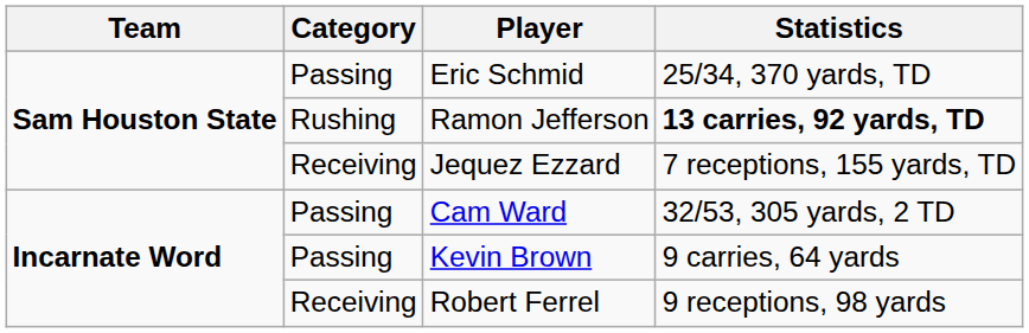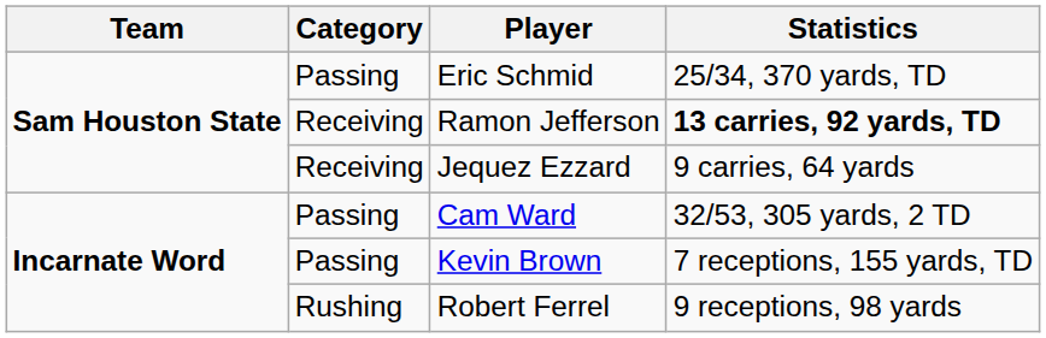 <table class="wikitable" style="float: right;">
 <tr>
 <th>Team</th>
 <th>Category</th>
 <th>Player</th>
 <th>Statistics</th>
 </tr>
 <tr>
 <td rowspan=3><strong>Sam Houston State</strong></td>
 <td>Passing</td>
 <td>Eric Schmid</td>
 <td>25/34, 370 yards, TD</td>
 </tr>
 <tr>
-<td>Rushing</td>
+<td>Receiving</td>
 <td>Ramon Jefferson</td>
 <td><strong>13 carries, 92 yards, TD</strong></td>
 </tr>
 <tr>
 <td>Receiving</td>
 <td>Jequez Ezzard</td>
-<td>7 receptions, 155 yards, TD</td>
+<td>9 carries, 64 yards</td>
 </tr>
 <tr>
 <td rowspan=3><strong>Incarnate Word</strong></td>
 <td>Passing</td>
 <td><a href='#'>Cam Ward</a></td>
 <td>32/53, 305 yards, 2 TD</td>
 </tr>
 <tr>
 <td>Passing</td>
 <td><a href='#'>Kevin Brown</a></td>
-<td>9 carries, 64 yards</td>
+<td>7 receptions, 155 yards, TD</td>
 </tr>
 <tr>
-<td>Receiving</td>
+<td>Rushing</td>
 <td>Robert Ferrel</td>
 <td>9 receptions, 98 yards</td>
 </tr>
 </table>
